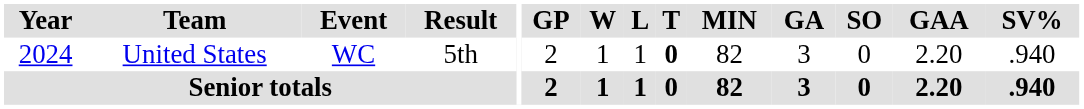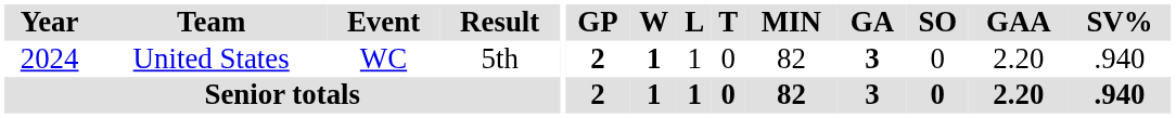 <table border="0" cellpadding="1" cellspacing="0" ID="Table3" style="text-align:center; width:40em;">
 <tr bgcolor="#e0e0e0">
 <th>Year</th>
 <th>Team</th>
 <th>Event</th>
 <th>Result</th>
 <th rowspan="99" bgcolor="#ffffff"></th>
 <th>GP</th>
 <th>W</th>
 <th>L</th>
 <th>T</th>
 <th>MIN</th>
 <th>GA</th>
 <th>SO</th>
 <th>GAA</th>
 <th>SV%</th>
 </tr>
 <tr>
 <td><a href='#'>2024</a></td>
 <td><a href='#'>United States</a></td>
 <td><a href='#'>WC</a></td>
 <td>5th</td>
-<td>2</td>
+<td><strong>2</strong></td>
+<td><strong>1</strong></td>
 <td>1</td>
-<td>1</td>
-<td><strong>0</strong></td>
+<td>0</td>
 <td>82</td>
-<td>3</td>
+<td><strong>3</strong></td>
 <td>0</td>
 <td>2.20</td>
 <td>.940</td>
 </tr>
 <tr bgcolor="#e0e0e0">
 <th colspan="4">Senior totals</th>
 <th>2</th>
 <th>1</th>
 <th>1</th>
 <th>0</th>
 <th>82</th>
 <th>3</th>
 <th>0</th>
 <th>2.20</th>
 <th>.940</th>
 </tr>
 </table>
